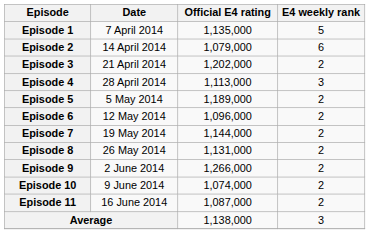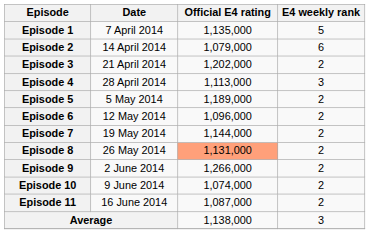 <table class="wikitable sortable" style="text-align:center">
 <tr>
 <th scope="col" style="width:120px;">Episode</th>
 <th scope="col" style="width:120px;">Date</th>
 <th scope="col" style="width:140px;">Official E4 rating</th>
 <th scope="col" style="width:120px;">E4 weekly rank</th>
 </tr>
 <tr>
 <th scope="row">Episode 1</th>
 <td>7 April 2014</td>
 <td>1,135,000</td>
 <td>5</td>
 </tr>
 <tr>
 <th scope="row">Episode 2</th>
 <td>14 April 2014</td>
 <td>1,079,000</td>
 <td>6</td>
 </tr>
 <tr>
 <th scope="row">Episode 3</th>
 <td>21 April 2014</td>
 <td>1,202,000</td>
 <td>2</td>
 </tr>
 <tr>
 <th scope="row">Episode 4</th>
 <td>28 April 2014</td>
 <td>1,113,000</td>
 <td>3</td>
 </tr>
 <tr>
 <th scope="row">Episode 5</th>
 <td>5 May 2014</td>
 <td>1,189,000</td>
 <td>2</td>
 </tr>
 <tr>
 <th scope="row">Episode 6</th>
 <td>12 May 2014</td>
 <td>1,096,000</td>
 <td>2</td>
 </tr>
 <tr>
 <th scope="row">Episode 7</th>
 <td>19 May 2014</td>
 <td>1,144,000</td>
 <td>2</td>
 </tr>
 <tr>
 <th scope="row">Episode 8</th>
 <td>26 May 2014</td>
-<td>1,131,000</td>
+<td style="background: lightsalmon;">1,131,000</td>
 <td>2</td>
 </tr>
 <tr>
 <th scope="row">Episode 9</th>
 <td>2 June 2014</td>
 <td>1,266,000</td>
 <td>2</td>
 </tr>
 <tr>
 <th scope="row">Episode 10</th>
 <td>9 June 2014</td>
 <td>1,074,000</td>
 <td>2</td>
 </tr>
 <tr>
 <th scope="row">Episode 11</th>
 <td>16 June 2014</td>
 <td>1,087,000</td>
 <td>2</td>
 </tr>
 <tr>
 <th scope="row" colspan="2">Average</th>
 <td>1,138,000</td>
 <td>3</td>
 </tr>
 <tr>
 </tr>
 </table>
